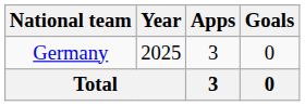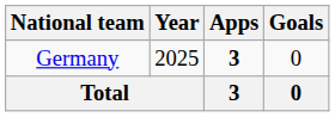 <table class="wikitable" style="text-align:center">
 <tr>
 <th>National team</th>
 <th>Year</th>
 <th>Apps</th>
 <th>Goals</th>
 </tr>
 <tr>
 <td><a href='#'>Germany</a></td>
 <td>2025</td>
-<td>3</td>
+<td><strong>3</strong></td>
 <td>0</td>
 </tr>
 <tr>
 <th colspan="2">Total</th>
 <th>3</th>
 <th>0</th>
 </tr>
 </table>
